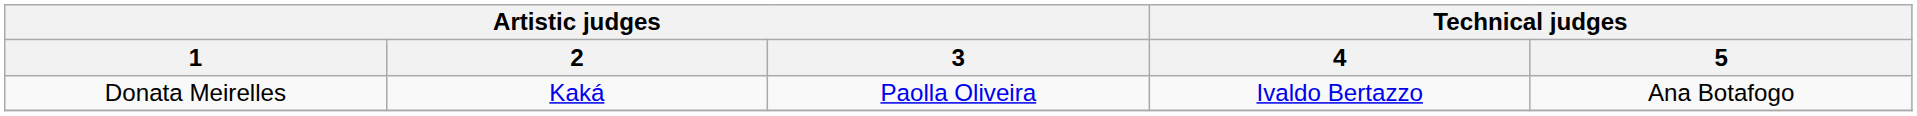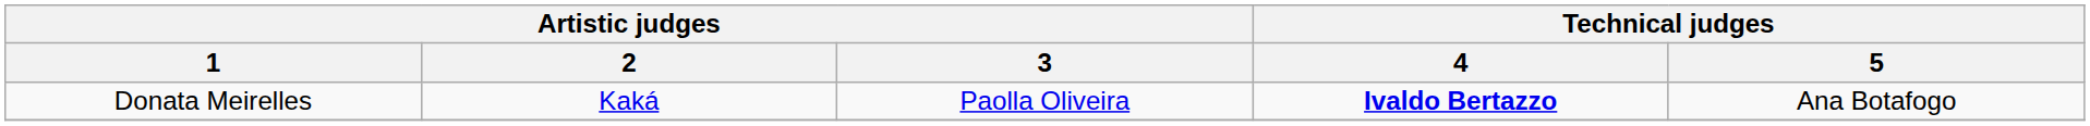 <table class="wikitable" style="font-size:100%; line-height:16px; text-align:center" width="100%">
 <tr>
 <th colspan=3>Artistic judges</th>
 <th colspan=2>Technical judges</th>
 </tr>
 <tr>
 <th width=150>1</th>
 <th width=150>2</th>
 <th width=150>3</th>
 <th width=150>4</th>
 <th width=150>5</th>
 </tr>
 <tr>
 <td>Donata Meirelles</td>
 <td><a href='#'>Kaká</a></td>
 <td><a href='#'>Paolla Oliveira</a></td>
-<td><a href='#'>Ivaldo Bertazzo</a></td>
+<td><strong><a href='#'>Ivaldo Bertazzo</a></strong></td>
 <td>Ana Botafogo</td>
 </tr>
 <tr>
 </tr>
 </table>
